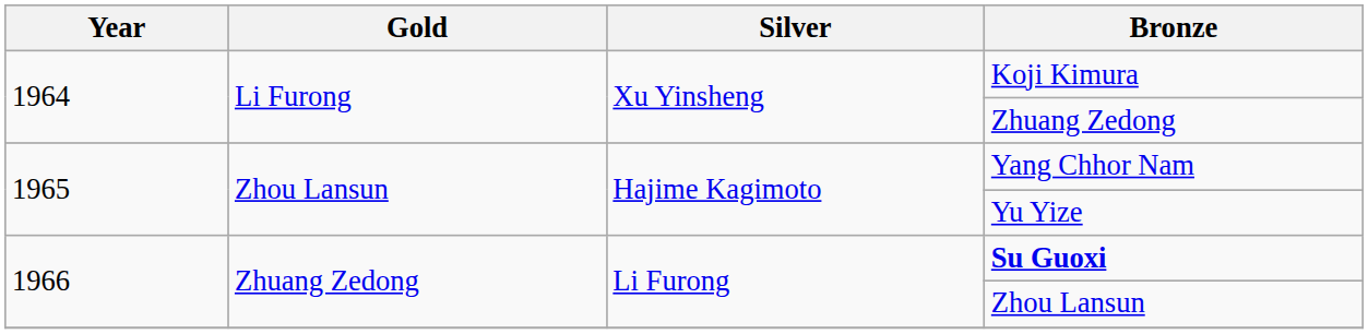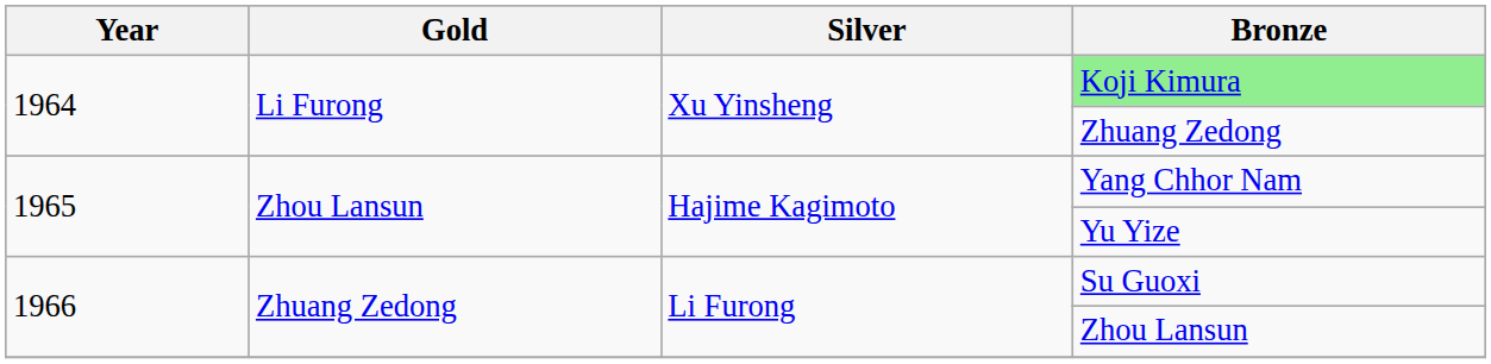 <table class="wikitable" style="text-align: left; width: 750px;">
 <tr>
 <th width="100">Year</th>
 <th width="175">Gold</th>
 <th width="175">Silver</th>
 <th width="175">Bronze</th>
 </tr>
 <tr>
 <td rowspan=2>1964</td>
 <td rowspan=2> <a href='#'>Li Furong</a></td>
 <td rowspan=2> <a href='#'>Xu Yinsheng</a></td>
-<td> <a href='#'>Koji Kimura</a></td>
+<td style="background: lightgreen;"> <a href='#'>Koji Kimura</a></td>
 </tr>
 <tr>
 <td> <a href='#'>Zhuang Zedong</a></td>
 </tr>
 <tr>
 <td rowspan=2>1965</td>
 <td rowspan=2> <a href='#'>Zhou Lansun</a></td>
 <td rowspan=2> <a href='#'>Hajime Kagimoto</a></td>
 <td> <a href='#'>Yang Chhor Nam</a></td>
 </tr>
 <tr>
 <td> <a href='#'>Yu Yize</a></td>
 </tr>
 <tr>
 <td rowspan=2>1966</td>
 <td rowspan=2> <a href='#'>Zhuang Zedong</a></td>
 <td rowspan=2> <a href='#'>Li Furong</a></td>
-<td><strong> <a href='#'>Su Guoxi</a></strong></td>
+<td> <a href='#'>Su Guoxi</a></td>
 </tr>
 <tr>
 <td> <a href='#'>Zhou Lansun</a></td>
 </tr>
 <tr>
 </tr>
 </table>
